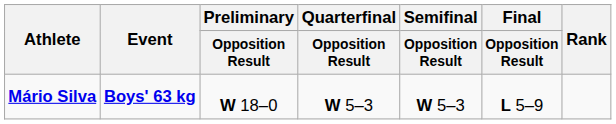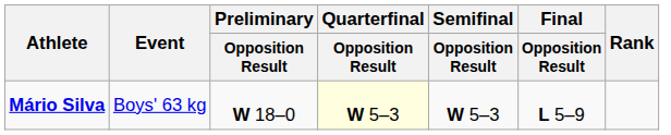 <table class="wikitable">
 <tr>
 <th rowspan=2>Athlete</th>
 <th rowspan=2>Event</th>
 <th>Preliminary</th>
 <th>Quarterfinal</th>
 <th>Semifinal</th>
 <th>Final</th>
 <th rowspan=2>Rank</th>
 </tr>
 <tr>
 <th style="line-height:1em"><small>Opposition<br>Result</small></th>
 <th style="line-height:1em"><small>Opposition<br>Result</small></th>
 <th style="line-height:1em"><small>Opposition<br>Result</small></th>
 <th style="line-height:1em"><small>Opposition<br>Result</small></th>
 </tr>
 <tr>
 <td><strong><a href='#'>Mário Silva</a></strong></td>
-<td><strong><a href='#'>Boys' 63 kg</a></strong></td>
+<td><a href='#'>Boys' 63 kg</a></td>
 <td align=center><br><strong>W</strong> 18–0</td>
-<td align=center><br><strong>W</strong> 5–3</td>
+<td align=center style="background: lightyellow;"><br><strong>W</strong> 5–3</td>
 <td align=center><br><strong>W</strong> 5–3</td>
 <td align=center><br><strong>L</strong> 5–9</td>
 <td align=center></td>
 </tr>
 </table>
